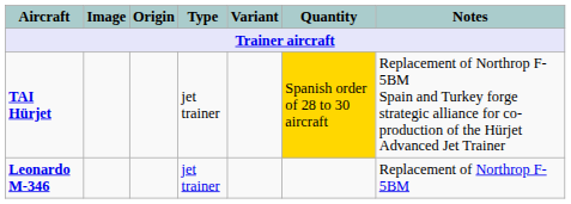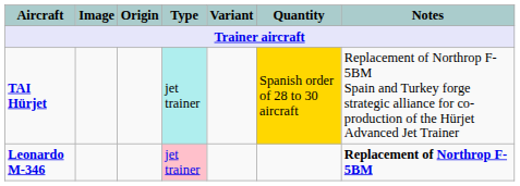 <table class="wikitable">
 <tr>
 <th style="text-align:center; background:#acc;">Aircraft</th>
 <th style="text-align:center; background:#acc;">Image</th>
 <th style="text-align: center; background:#acc;">Origin</th>
 <th style="text-align:l center; background:#acc;">Type</th>
 <th style="text-align:left; background:#acc;">Variant</th>
 <th style="text-align:center; background:#acc;">Quantity</th>
 <th style="text-align: center; background:#acc;">Notes</th>
 </tr>
 <tr>
 <th colspan="7" style="align: center; background: lavender;"><a href='#'>Trainer aircraft</a></th>
 </tr>
 <tr>
 <td><strong><a href='#'>TAI Hürjet</a></strong></td>
 <td></td>
 <td></td>
-<td>jet trainer</td>
+<td style="background: paleturquoise;">jet trainer</td>
 <td></td>
 <td style="background: gold;">Spanish order of 28 to 30 aircraft</td>
 <td>Replacement of Northrop F-5BM<br>Spain and Turkey forge strategic alliance for co-production of the Hürjet Advanced Jet Trainer</td>
 </tr>
 <tr>
 <td><strong><a href='#'>Leonardo M-346</a></strong></td>
 <td></td>
 <td></td>
-<td><a href='#'>jet trainer</a></td>
+<td style="background: pink;"><a href='#'>jet trainer</a></td>
 <td></td>
 <td></td>
-<td>Replacement of <a href='#'>Northrop F-5BM</a></td>
+<td><strong>Replacement of <a href='#'>Northrop F-5BM</a></strong></td>
 </tr>
 </table>
